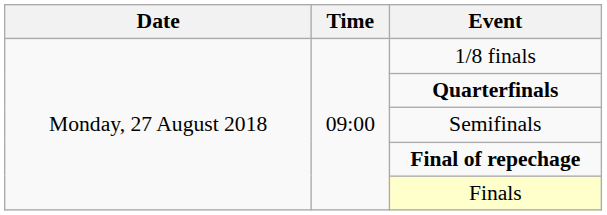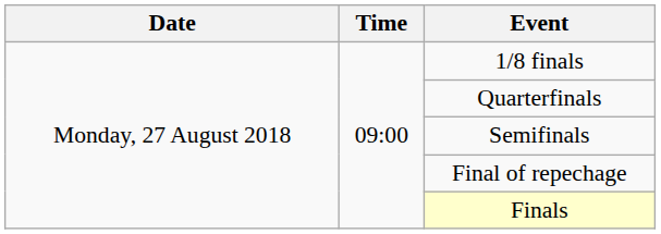 <table class = "wikitable" style="text-align:center;">
 <tr>
 <th width=220>Date</th>
 <th width=50>Time</th>
 <th width=150>Event</th>
 </tr>
 <tr>
 <td rowspan=5>Monday, 27 August 2018</td>
 <td rowspan=5>09:00</td>
 <td>1/8 finals</td>
 </tr>
 <tr>
-<td><strong>Quarterfinals</strong></td>
+<td>Quarterfinals</td>
 </tr>
 <tr>
 <td>Semifinals</td>
 </tr>
 <tr>
-<td><strong>Final of repechage</strong></td>
+<td>Final of repechage</td>
 </tr>
 <tr>
 <td bgcolor=ffffcc>Finals</td>
 </tr>
 </table>
